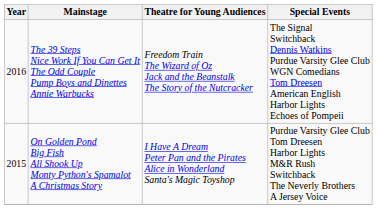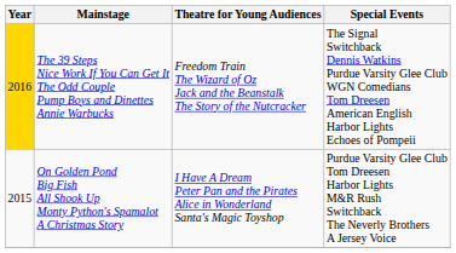 <table class="wikitable">
 <tr>
 <th>Year</th>
 <th>Mainstage</th>
 <th>Theatre for Young Audiences</th>
 <th>Special Events</th>
 </tr>
 <tr>
-<td>2016</td>
+<td style="background: gold;">2016</td>
 <td><em><a href='#'>The 39 Steps</a></em><br><em><a href='#'>Nice Work If You Can Get It</a></em><br><em><a href='#'>The Odd Couple</a></em><br><em><a href='#'>Pump Boys and Dinettes</a></em><br><em><a href='#'>Annie Warbucks</a></em></td>
 <td><em>Freedom Train</em><br><em><a href='#'>The Wizard of Oz</a></em><br><em><a href='#'>Jack and the Beanstalk</a></em><br><em><a href='#'>The Story of the Nutcracker</a></em></td>
 <td>The Signal<br>Switchback<br><a href='#'>Dennis Watkins</a><br>Purdue Varsity Glee Club<br>WGN Comedians<br><a href='#'>Tom Dreesen</a><br>American English<br>Harbor Lights<br>Echoes of Pompeii</td>
 </tr>
 <tr>
 <td>2015</td>
 <td><em><a href='#'>On Golden Pond</a></em><br><em><a href='#'>Big Fish</a></em><br><em><a href='#'>All Shook Up</a></em><br><em><a href='#'>Monty Python's Spamalot</a></em><br><em><a href='#'>A Christmas Story</a></em><br></td>
 <td><em><a href='#'>I Have A Dream</a></em><br><em><a href='#'>Peter Pan and the Pirates</a></em><br><em><a href='#'>Alice in Wonderland</a></em><br><em>Santa's Magic Toyshop</em></td>
 <td>Purdue Varsity Glee Club<br>Tom Dreesen<br>Harbor Lights<br>M&R Rush<br>Switchback<br>The Neverly Brothers<br> A Jersey Voice</td>
 </tr>
 <tr>
 </tr>
 </table>
